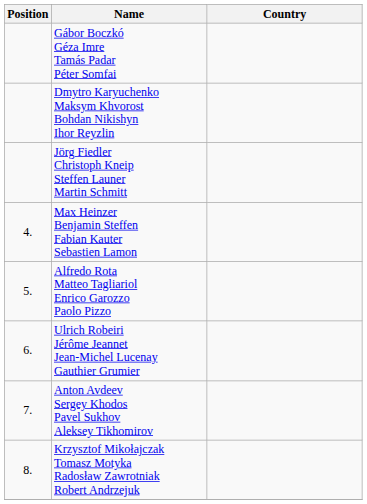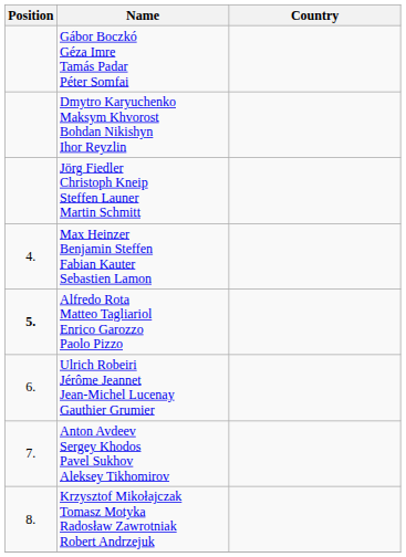 <table class="wikitable">
 <tr>
 <th width="20">Position</th>
 <th width="200">Name</th>
 <th width="200">Country</th>
 </tr>
 <tr>
 <td align="center"></td>
 <td><a href='#'>Gábor Boczkó</a><br><a href='#'>Géza Imre</a><br><a href='#'>Tamás Padar</a><br><a href='#'>Péter Somfai</a></td>
 <td></td>
 </tr>
 <tr>
 <td align="center"></td>
 <td><a href='#'>Dmytro Karyuchenko</a><br><a href='#'>Maksym Khvorost</a><br><a href='#'>Bohdan Nikishyn</a><br><a href='#'>Ihor Reyzlin</a></td>
 <td></td>
 </tr>
 <tr>
 <td align="center"></td>
 <td><a href='#'>Jörg Fiedler</a><br><a href='#'>Christoph Kneip</a><br><a href='#'>Steffen Launer</a><br><a href='#'>Martin Schmitt</a></td>
 <td></td>
 </tr>
 <tr>
 <td align="center">4.</td>
 <td><a href='#'>Max Heinzer</a><br><a href='#'>Benjamin Steffen</a><br><a href='#'>Fabian Kauter</a><br><a href='#'>Sebastien Lamon</a></td>
 <td></td>
 </tr>
 <tr>
-<td align="center">5.</td>
+<td align="center"><strong>5.</strong></td>
 <td><a href='#'>Alfredo Rota</a><br><a href='#'>Matteo Tagliariol</a><br><a href='#'>Enrico Garozzo</a><br><a href='#'>Paolo Pizzo</a></td>
 <td></td>
 </tr>
 <tr>
 <td align="center">6.</td>
 <td><a href='#'>Ulrich Robeiri</a><br><a href='#'>Jérôme Jeannet</a><br><a href='#'>Jean-Michel Lucenay</a><br><a href='#'>Gauthier Grumier</a></td>
 <td></td>
 </tr>
 <tr>
 <td align="center">7.</td>
 <td><a href='#'>Anton Avdeev</a><br><a href='#'>Sergey Khodos</a><br><a href='#'>Pavel Sukhov</a><br><a href='#'>Aleksey Tikhomirov</a></td>
 <td></td>
 </tr>
 <tr>
 <td align="center">8.</td>
 <td><a href='#'>Krzysztof Mikołajczak</a><br><a href='#'>Tomasz Motyka</a><br><a href='#'>Radosław Zawrotniak</a><br><a href='#'>Robert Andrzejuk</a></td>
 <td></td>
 </tr>
 <tr>
 </tr>
 </table>
